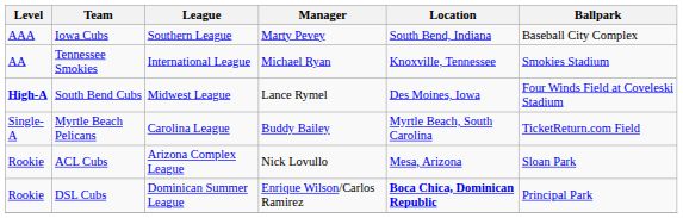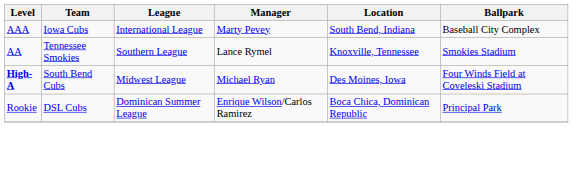 <table class="wikitable">
 <tr>
 <th style="text-align:center; ">Level</th>
 <th style="text-align:center; ">Team</th>
 <th style="text-align:center; ">League</th>
 <th style="text-align:center; ">Manager</th>
 <th style="text-align:center; ">Location</th>
 <th style="text-align:center; ">Ballpark</th>
 </tr>
 <tr>
 <td><a href='#'>AAA</a></td>
 <td><a href='#'>Iowa Cubs</a></td>
-<td><a href='#'>Southern League</a></td>
+<td><a href='#'>International League</a></td>
 <td><a href='#'>Marty Pevey</a></td>
 <td><a href='#'>South Bend, Indiana</a></td>
 <td>Baseball City Complex</td>
 </tr>
 <tr>
 <td><a href='#'>AA</a></td>
 <td><a href='#'>Tennessee Smokies</a></td>
-<td><a href='#'>International League</a></td>
-<td><a href='#'>Michael Ryan</a></td>
+<td><a href='#'>Southern League</a></td>
+<td>Lance Rymel</td>
 <td><a href='#'>Knoxville, Tennessee</a></td>
 <td><a href='#'>Smokies Stadium</a></td>
 </tr>
 <tr>
 <td><strong><a href='#'>High-A</a></strong></td>
 <td><a href='#'>South Bend Cubs</a></td>
 <td><a href='#'>Midwest League</a></td>
-<td>Lance Rymel</td>
+<td><a href='#'>Michael Ryan</a></td>
 <td><a href='#'>Des Moines, Iowa</a></td>
 <td><a href='#'>Four Winds Field at Coveleski Stadium</a></td>
-</tr>
-<tr>
-<td><a href='#'>Single-A</a></td>
-<td><a href='#'>Myrtle Beach Pelicans</a></td>
-<td><a href='#'>Carolina League</a></td>
-<td><a href='#'>Buddy Bailey</a></td>
-<td><a href='#'>Myrtle Beach, South Carolina</a></td>
-<td><a href='#'>TicketReturn.com Field</a></td>
-</tr>
-<tr>
-<td><a href='#'>Rookie</a></td>
-<td><a href='#'>ACL Cubs</a></td>
-<td><a href='#'>Arizona Complex League</a></td>
-<td>Nick Lovullo</td>
-<td><a href='#'>Mesa, Arizona</a></td>
-<td><a href='#'>Sloan Park</a></td>
 </tr>
 <tr>
 <td><a href='#'>Rookie</a></td>
 <td><a href='#'>DSL Cubs</a></td>
 <td><a href='#'>Dominican Summer League</a></td>
 <td><a href='#'>Enrique Wilson</a>/Carlos Ramirez</td>
-<td><strong><a href='#'>Boca Chica, Dominican Republic</a></strong></td>
+<td><a href='#'>Boca Chica, Dominican Republic</a></td>
 <td><a href='#'>Principal Park</a></td>
 </tr>
 <tr>
 </tr>
 </table>
